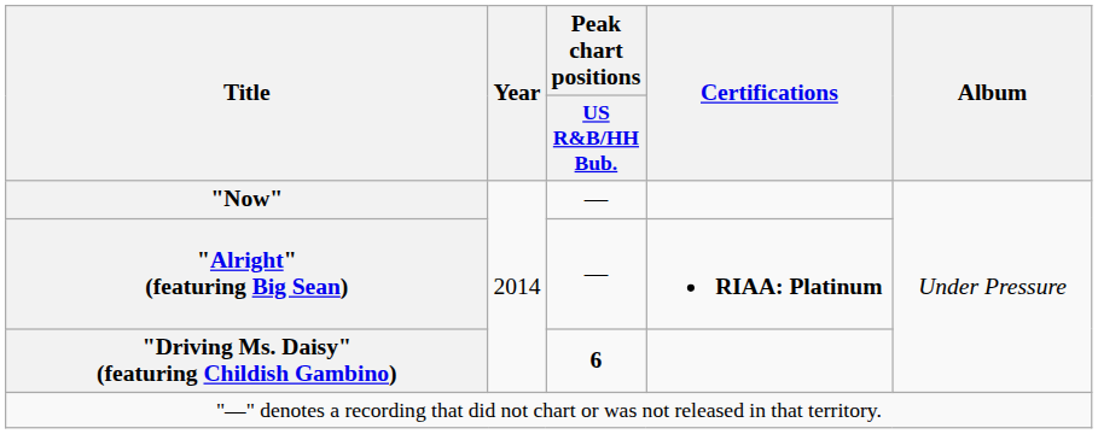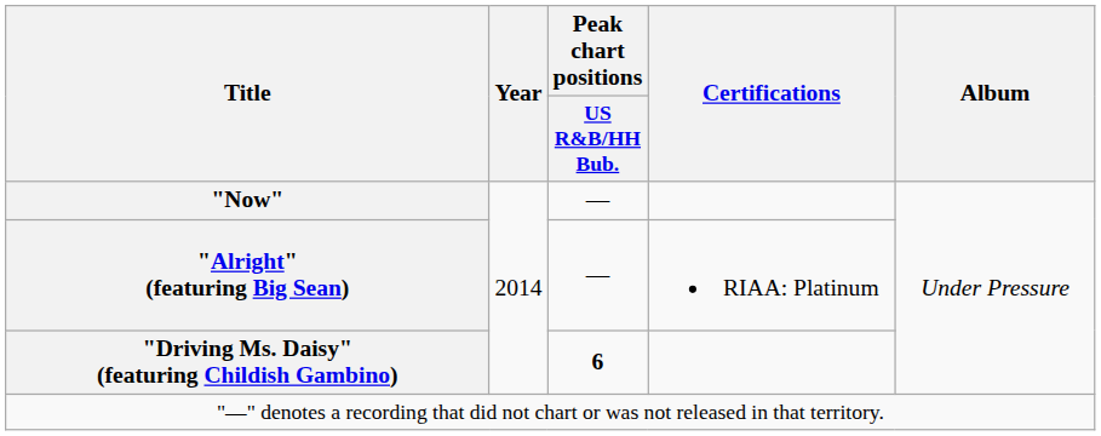 <table class="wikitable plainrowheaders" style="text-align:center;">
 <tr>
 <th scope="col" rowspan="2" style="width:20em;">Title</th>
 <th scope="col" rowspan="2" style="width:1em;">Year</th>
 <th scope="col" colspan="1">Peak chart positions</th>
 <th scope="col" rowspan="2" style="width:10em;"><a href='#'>Certifications</a></th>
 <th scope="col" rowspan="2" style="width:8em;">Album</th>
 </tr>
 <tr>
 <th scope="col" style="width:3em;font-size:90%;"><a href='#'>US<br>R&B/HH<br>Bub.</a><br></th>
 </tr>
 <tr>
 <th scope="row">"Now"</th>
 <td rowspan="3">2014</td>
 <td>—</td>
 <td></td>
 <td rowspan="3"><em>Under Pressure</em></td>
 </tr>
 <tr>
 <th scope="row">"<a href='#'>Alright</a>"<br><span>(featuring <a href='#'>Big Sean</a>)</span></th>
 <td>—</td>
-<td><strong><br><ul><li>RIAA: Platinum</li></ul></strong></td>
+<td><br><ul><li>RIAA: Platinum</li></ul></td>
 </tr>
 <tr>
 <th scope="row">"Driving Ms. Daisy"<br><span>(featuring <a href='#'>Childish Gambino</a>)</span></th>
 <td><strong>6</strong></td>
 <td></td>
 </tr>
 <tr>
 <td colspan="15" style="font-size:90%">"—" denotes a recording that did not chart or was not released in that territory.</td>
 </tr>
 </table>
